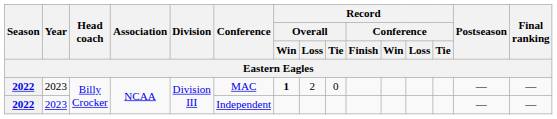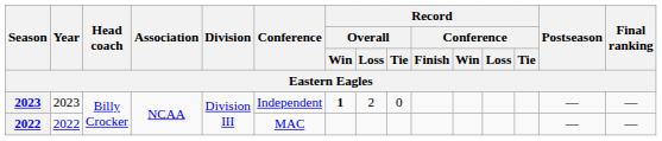 <table class="wikitable" style="font-size: 95%; width:98%;text-align:center;">
 <tr>
 <th rowspan="3">Season</th>
 <th rowspan="3">Year</th>
 <th rowspan="3">Head<br>coach</th>
 <th rowspan="3">Association</th>
 <th rowspan="3">Division</th>
 <th rowspan="3">Conference</th>
 <th colspan="7">Record</th>
 <th rowspan="3">Postseason</th>
 <th rowspan="3">Final ranking</th>
 </tr>
 <tr>
 <th colspan="3">Overall</th>
 <th colspan="4">Conference</th>
 </tr>
 <tr>
 <th>Win</th>
 <th>Loss</th>
 <th>Tie</th>
 <th>Finish</th>
 <th>Win</th>
 <th>Loss</th>
 <th>Tie</th>
 </tr>
 <tr>
 <th colspan=15 style=>Eastern Eagles</th>
 </tr>
 <tr>
-<th><a href='#'>2022</a></th>
+<th><a href='#'>2023</a></th>
 <td>2023</td>
 <td rowspan=2><a href='#'>Billy Crocker</a></td>
 <td rowspan=2><a href='#'>NCAA</a></td>
 <td rowspan=2><a href='#'>Division III</a></td>
-<td rowspan=1><a href='#'>MAC</a></td>
+<td rowspan=1><a href='#'>Independent</a></td>
 <td><strong>1</strong></td>
 <td>2</td>
 <td>0</td>
 <td></td>
 <td></td>
 <td></td>
 <td></td>
 <td>—</td>
 <td>—</td>
 </tr>
 <tr>
 <th><a href='#'>2022</a></th>
-<td><a href='#'>2023</a></td>
-<td rowspan=1><a href='#'>Independent</a></td>
+<td><a href='#'>2022</a></td>
+<td rowspan=1><a href='#'>MAC</a></td>
 <td></td>
 <td></td>
 <td></td>
 <td></td>
 <td></td>
 <td></td>
 <td></td>
 <td>—</td>
 <td>—</td>
 </tr>
 </table>
